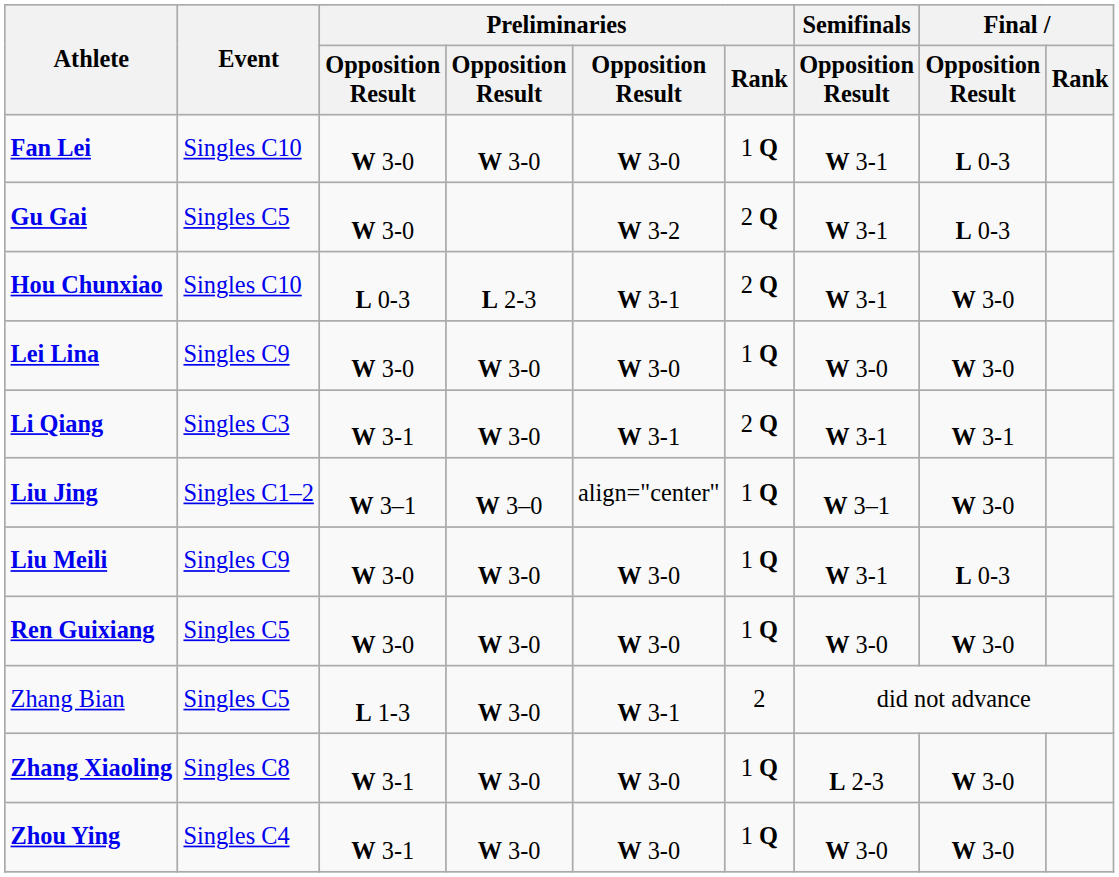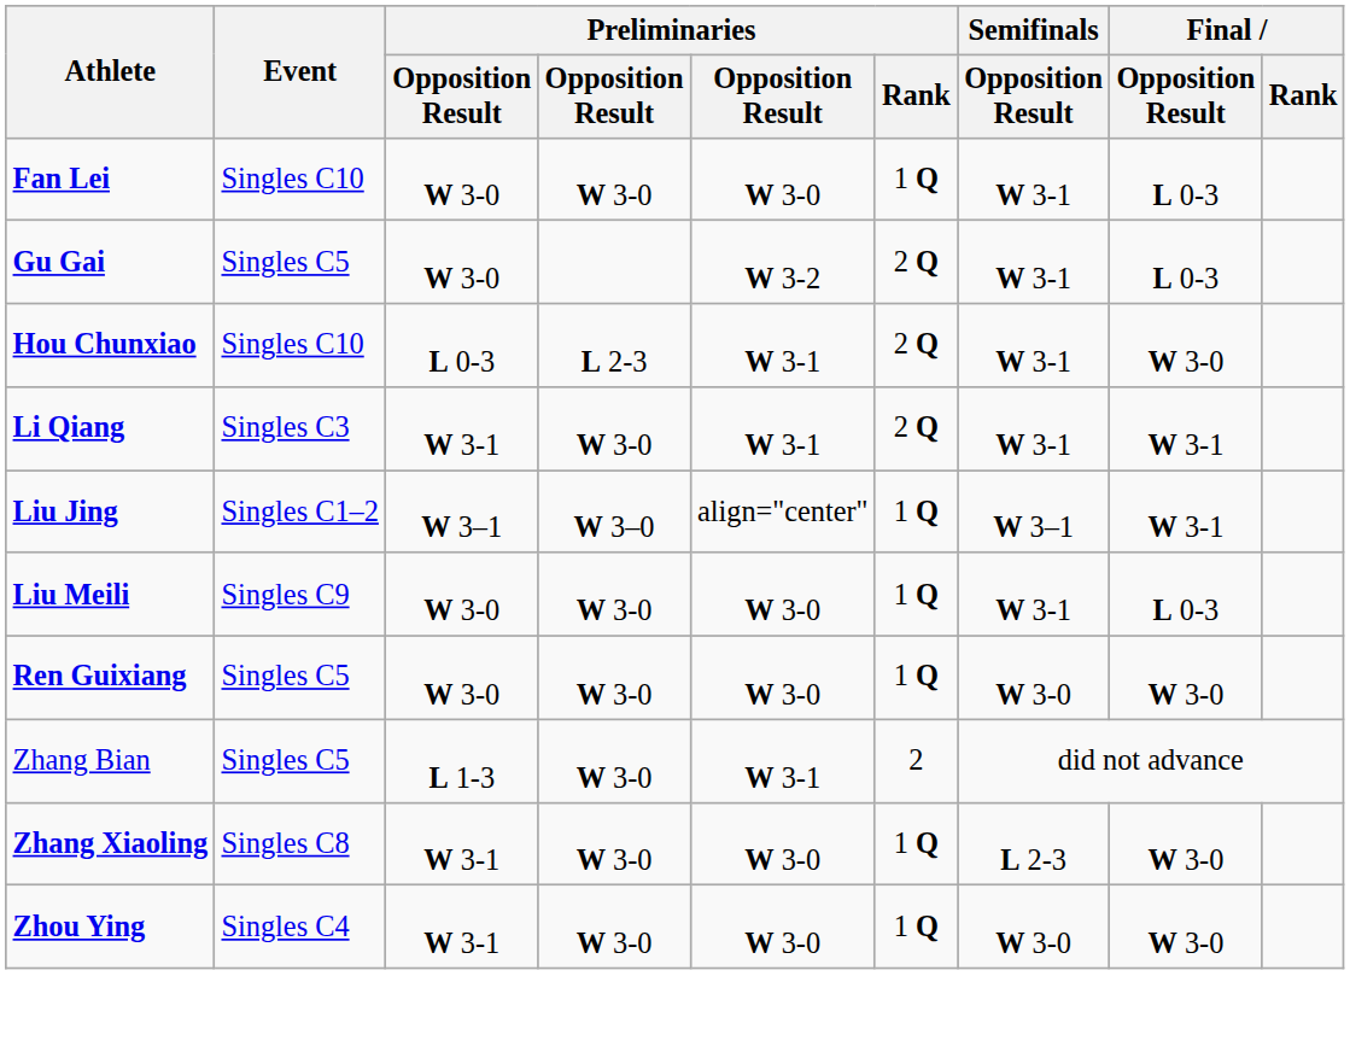 <table class=wikitable style="font-size:90%">
 <tr>
 <th rowspan="2">Athlete</th>
 <th rowspan="2">Event</th>
 <th colspan="4">Preliminaries</th>
 <th>Semifinals</th>
 <th colspan="2">Final / </th>
 </tr>
 <tr>
 <th>Opposition<br>Result</th>
 <th>Opposition<br>Result</th>
 <th>Opposition<br>Result</th>
 <th>Rank</th>
 <th>Opposition<br>Result</th>
 <th>Opposition<br>Result</th>
 <th>Rank</th>
 </tr>
 <tr>
 <td><strong><a href='#'>Fan Lei</a></strong></td>
 <td><a href='#'>Singles C10</a></td>
 <td align="center"><br><strong>W</strong> 3-0</td>
 <td align="center"><br><strong>W</strong> 3-0</td>
 <td align="center"><br><strong>W</strong> 3-0</td>
 <td align="center">1 <strong>Q</strong></td>
 <td align="center"><br><strong>W</strong> 3-1</td>
 <td align="center"><br><strong>L</strong> 0-3</td>
 <td align="center"></td>
 </tr>
 <tr>
 <td><strong><a href='#'>Gu Gai</a></strong></td>
 <td><a href='#'>Singles C5</a></td>
 <td align="center"><br><strong>W</strong> 3-0</td>
 <td align="center"><br> </td>
 <td align="center"><br><strong>W</strong> 3-2</td>
 <td align="center">2 <strong>Q</strong></td>
 <td align="center"><br><strong>W</strong> 3-1</td>
 <td align="center"><br><strong>L</strong> 0-3</td>
 <td align="center"></td>
 </tr>
 <tr>
 <td><strong><a href='#'>Hou Chunxiao</a></strong></td>
 <td><a href='#'>Singles C10</a></td>
 <td align="center"><br><strong>L</strong> 0-3</td>
 <td align="center"><br><strong>L</strong> 2-3</td>
 <td align="center"><br><strong>W</strong> 3-1</td>
 <td align="center">2 <strong>Q</strong></td>
 <td align="center"><br><strong>W</strong> 3-1</td>
 <td align="center"><br><strong>W</strong> 3-0</td>
 <td align="center"></td>
 </tr>
 <tr>
-<td><strong><a href='#'>Lei Lina</a></strong></td>
-<td><a href='#'>Singles C9</a></td>
-<td align="center"><br><strong>W</strong> 3-0</td>
-<td align="center"><br><strong>W</strong> 3-0</td>
-<td align="center"><br><strong>W</strong> 3-0</td>
-<td align="center">1 <strong>Q</strong></td>
-<td align="center"><br><strong>W</strong> 3-0</td>
-<td align="center"><br><strong>W</strong> 3-0</td>
-<td align="center"></td>
-</tr>
-<tr>
 <td><strong><a href='#'>Li Qiang</a></strong></td>
 <td><a href='#'>Singles C3</a></td>
 <td align="center"><br><strong>W</strong> 3-1</td>
 <td align="center"><br><strong>W</strong> 3-0</td>
 <td align="center"><br><strong>W</strong> 3-1</td>
 <td align="center">2 <strong>Q</strong></td>
 <td align="center"><br><strong>W</strong> 3-1</td>
 <td align="center"><br><strong>W</strong> 3-1</td>
 <td align="center"></td>
 </tr>
 <tr>
 <td><strong><a href='#'>Liu Jing</a></strong></td>
 <td><a href='#'>Singles C1–2</a></td>
 <td align="center"><br><strong>W</strong> 3–1</td>
 <td align="center"><br><strong>W</strong> 3–0</td>
 <td>align="center" </td>
 <td align="center">1 <strong>Q</strong></td>
 <td align="center"><br><strong>W</strong> 3–1</td>
-<td align="center"><br><strong>W</strong> 3-0</td>
+<td align="center"><br><strong>W</strong> 3-1</td>
 <td align="center"></td>
 </tr>
 <tr>
 <td><strong><a href='#'>Liu Meili</a></strong></td>
 <td><a href='#'>Singles C9</a></td>
 <td align="center"><br><strong>W</strong> 3-0</td>
 <td align="center"><br><strong>W</strong> 3-0</td>
 <td align="center"><br><strong>W</strong> 3-0</td>
 <td align="center">1 <strong>Q</strong></td>
 <td align="center"><br><strong>W</strong> 3-1</td>
 <td align="center"><br><strong>L</strong> 0-3</td>
 <td align="center"></td>
 </tr>
 <tr>
 <td><strong><a href='#'>Ren Guixiang</a></strong></td>
 <td><a href='#'>Singles C5</a></td>
 <td align="center"><br><strong>W</strong> 3-0</td>
 <td align="center"><br><strong>W</strong> 3-0</td>
 <td align="center"><br><strong>W</strong> 3-0</td>
 <td align="center">1 <strong>Q</strong></td>
 <td align="center"><br><strong>W</strong> 3-0</td>
 <td align="center"><br><strong>W</strong> 3-0</td>
 <td align="center"></td>
 </tr>
 <tr>
 <td><a href='#'>Zhang Bian</a></td>
 <td><a href='#'>Singles C5</a></td>
 <td align="center"><br><strong>L</strong> 1-3</td>
 <td align="center"><br><strong>W</strong> 3-0</td>
 <td align="center"><br><strong>W</strong> 3-1</td>
 <td align="center">2</td>
 <td align="center" colspan="3">did not advance</td>
 </tr>
 <tr>
 <td><strong><a href='#'>Zhang Xiaoling</a></strong></td>
 <td><a href='#'>Singles C8</a></td>
 <td align="center"><br><strong>W</strong> 3-1</td>
 <td align="center"><br><strong>W</strong> 3-0</td>
 <td align="center"><br><strong>W</strong> 3-0</td>
 <td align="center">1 <strong>Q</strong></td>
 <td align="center"><br><strong>L</strong> 2-3</td>
 <td align="center"><br><strong>W</strong> 3-0</td>
 <td align="center"></td>
 </tr>
 <tr>
 <td><strong><a href='#'>Zhou Ying</a></strong></td>
 <td><a href='#'>Singles C4</a></td>
 <td align="center"><br><strong>W</strong> 3-1</td>
 <td align="center"><br><strong>W</strong> 3-0</td>
 <td align="center"><br><strong>W</strong> 3-0</td>
 <td align="center">1 <strong>Q</strong></td>
 <td align="center"><br><strong>W</strong> 3-0</td>
 <td align="center"><br><strong>W</strong> 3-0</td>
 <td align="center"></td>
 </tr>
 </table>
